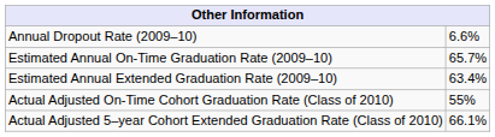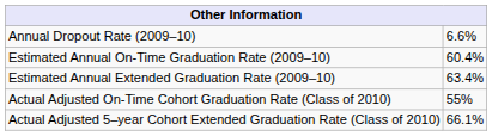 <table class="wikitable">
 <tr>
 <th colspan=2 style="background:Lavender; color: black; width: 550px; height: 10px; align:left">Other Information</th>
 </tr>
 <tr>
 <td>Annual Dropout Rate (2009–10)</td>
 <td>6.6%</td>
 </tr>
 <tr>
 <td>Estimated Annual On-Time Graduation Rate (2009–10)</td>
-<td>65.7%</td>
+<td>60.4%</td>
 </tr>
 <tr>
 <td>Estimated Annual Extended Graduation Rate (2009–10)</td>
 <td>63.4%</td>
 </tr>
 <tr>
 <td>Actual Adjusted On-Time Cohort Graduation Rate (Class of 2010)</td>
 <td>55%</td>
 </tr>
 <tr>
 <td>Actual Adjusted 5–year Cohort Extended Graduation Rate (Class of 2010)</td>
 <td>66.1%</td>
 </tr>
 </table>
